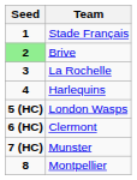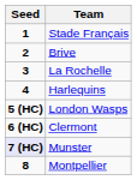 <table class="wikitable" style="text-align: center;">
 <tr>
 <th>Seed</th>
 <th>Team</th>
 </tr>
 <tr>
 <td><strong>1</strong></td>
 <td align=left> <a href='#'>Stade Français</a></td>
 </tr>
 <tr>
-<td style="background: lightgreen;"><strong>2</strong></td>
+<td><strong>2</strong></td>
 <td align=left> <a href='#'>Brive</a></td>
 </tr>
 <tr>
 <td><strong>3</strong></td>
 <td align=left> <a href='#'>La Rochelle</a></td>
 </tr>
 <tr>
 <td><strong>4</strong></td>
 <td align=left> <a href='#'>Harlequins</a></td>
 </tr>
 <tr>
 <td><strong>5 (HC)</strong></td>
 <td align=left> <a href='#'>London Wasps</a></td>
 </tr>
 <tr>
 <td><strong>6 (HC)</strong></td>
 <td align=left> <a href='#'>Clermont</a></td>
 </tr>
 <tr>
-<td><strong>7 (HC)</strong></td>
+<td style="background: lavender;"><strong>7 (HC)</strong></td>
 <td align=left> <a href='#'>Munster</a></td>
 </tr>
 <tr>
 <td><strong>8</strong></td>
 <td align=left> <a href='#'>Montpellier</a></td>
 </tr>
 </table>
